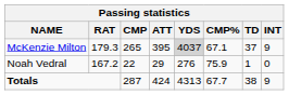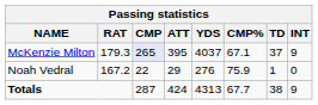 <table class="wikitable sortable collapsible collapsed">
 <tr>
 <th colspan="10">Passing statistics</th>
 </tr>
 <tr>
 <th>NAME</th>
 <th>RAT</th>
 <th>CMP</th>
 <th>ATT</th>
 <th>YDS</th>
 <th>CMP%</th>
 <th>TD</th>
 <th>INT</th>
 </tr>
 <tr>
 <td><a href='#'>McKenzie Milton</a></td>
 <td>179.3</td>
-<td>265</td>
+<td style="background: lavender;">265</td>
 <td>395</td>
-<td style="background: lightgrey;">4037</td>
+<td>4037</td>
 <td>67.1</td>
 <td>37</td>
 <td>9</td>
 </tr>
 <tr>
 <td>Noah Vedral</td>
 <td>167.2</td>
 <td>22</td>
 <td>29</td>
 <td>276</td>
 <td>75.9</td>
 <td>1</td>
 <td>0</td>
 </tr>
 <tr>
 <td colspan=2><strong>Totals</strong></td>
 <td>287</td>
 <td>424</td>
 <td>4313</td>
 <td>67.7</td>
 <td>38</td>
 <td>9</td>
 </tr>
 </table>
